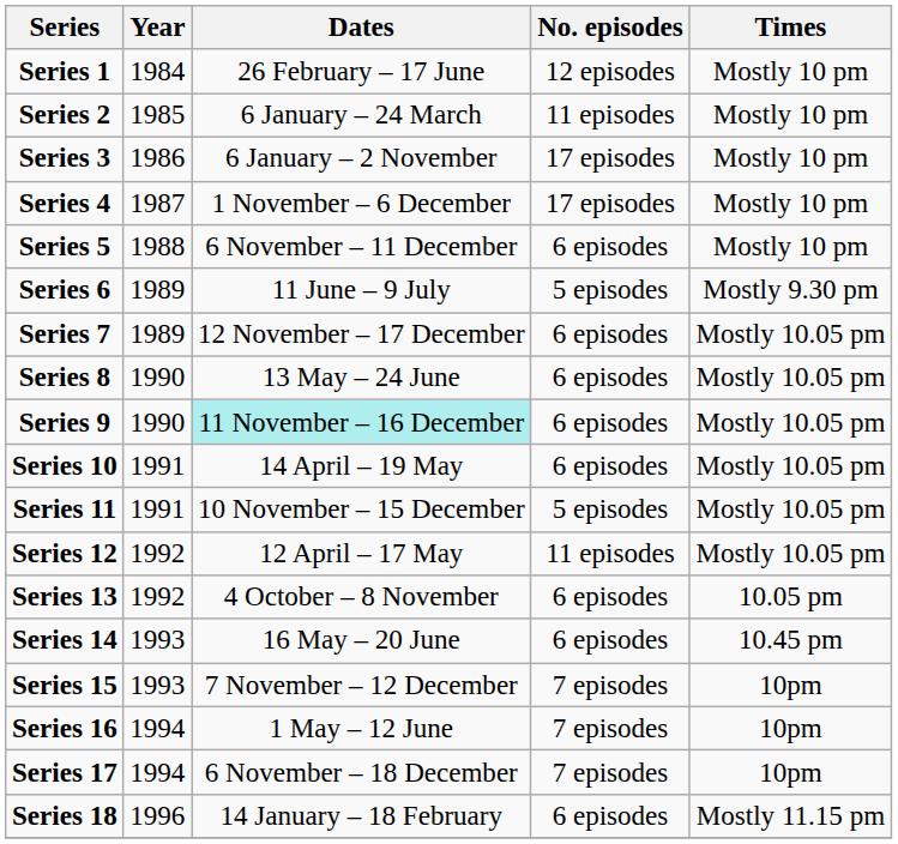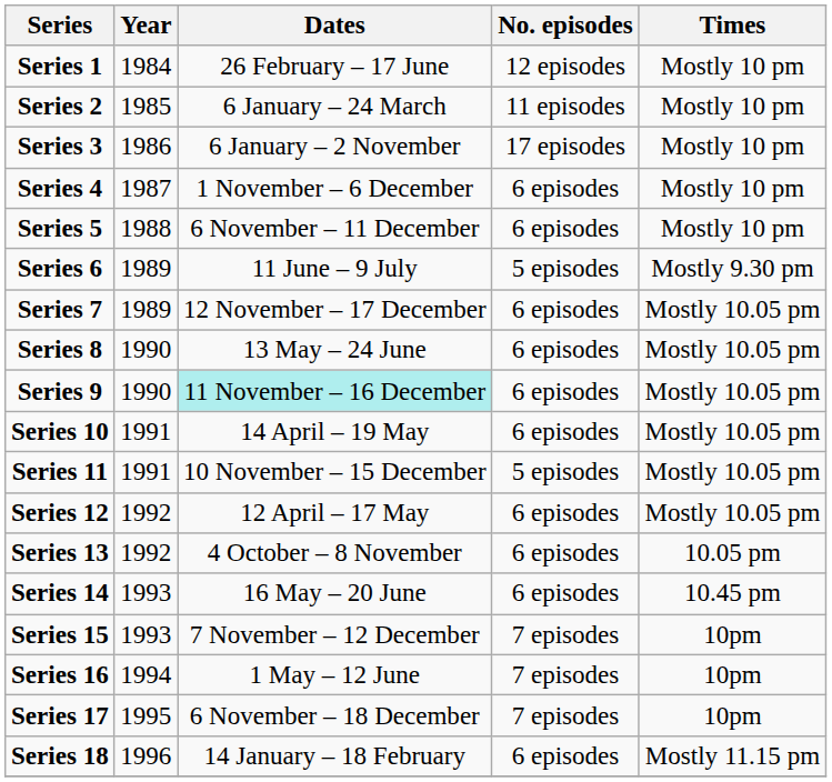 <table class="wikitable" style="left: 0 auto; text-align: center;">
 <tr>
 <th>Series</th>
 <th>Year</th>
 <th>Dates</th>
 <th>No. episodes</th>
 <th>Times</th>
 </tr>
 <tr>
 <td><strong>Series 1</strong></td>
 <td>1984</td>
 <td>26 February – 17 June</td>
 <td>12 episodes</td>
 <td>Mostly 10 pm</td>
 </tr>
 <tr>
 <td><strong>Series 2</strong></td>
 <td>1985</td>
 <td>6 January – 24 March</td>
 <td>11 episodes</td>
 <td>Mostly 10 pm</td>
 </tr>
 <tr>
 <td><strong>Series 3</strong></td>
 <td>1986</td>
 <td>6 January – 2 November</td>
 <td>17 episodes</td>
 <td>Mostly 10 pm</td>
 </tr>
 <tr>
 <td><strong>Series 4</strong></td>
 <td>1987</td>
 <td>1 November – 6 December</td>
-<td>17 episodes</td>
+<td>6 episodes</td>
 <td>Mostly 10 pm</td>
 </tr>
 <tr>
 <td><strong>Series 5</strong></td>
 <td>1988</td>
 <td>6 November – 11 December</td>
 <td>6 episodes</td>
 <td>Mostly 10 pm</td>
 </tr>
 <tr>
 <td><strong>Series 6</strong></td>
 <td>1989</td>
 <td>11 June – 9 July</td>
 <td>5 episodes</td>
 <td>Mostly 9.30 pm</td>
 </tr>
 <tr>
 <td><strong>Series 7</strong></td>
 <td>1989</td>
 <td>12 November – 17 December</td>
 <td>6 episodes</td>
 <td>Mostly 10.05 pm</td>
 </tr>
 <tr>
 <td><strong>Series 8</strong></td>
 <td>1990</td>
 <td>13 May – 24 June</td>
 <td>6 episodes</td>
 <td>Mostly 10.05 pm</td>
 </tr>
 <tr>
 <td><strong>Series 9</strong></td>
 <td>1990</td>
 <td style="background: paleturquoise;">11 November – 16 December</td>
 <td>6 episodes</td>
 <td>Mostly 10.05 pm</td>
 </tr>
 <tr>
 <td><strong>Series 10</strong></td>
 <td>1991</td>
 <td>14 April – 19 May</td>
 <td>6 episodes</td>
 <td>Mostly 10.05 pm</td>
 </tr>
 <tr>
 <td><strong>Series 11</strong></td>
 <td>1991</td>
 <td>10 November – 15 December</td>
 <td>5 episodes</td>
 <td>Mostly 10.05 pm</td>
 </tr>
 <tr>
 <td><strong>Series 12</strong></td>
 <td>1992</td>
 <td>12 April – 17 May</td>
-<td>11 episodes</td>
+<td>6 episodes</td>
 <td>Mostly 10.05 pm</td>
 </tr>
 <tr>
 <td><strong>Series 13</strong></td>
 <td>1992</td>
 <td>4 October – 8 November</td>
 <td>6 episodes</td>
 <td>10.05 pm</td>
 </tr>
 <tr>
 <td><strong>Series 14</strong></td>
 <td>1993</td>
 <td>16 May – 20 June</td>
 <td>6 episodes</td>
 <td>10.45 pm</td>
 </tr>
 <tr>
 <td><strong>Series 15</strong></td>
 <td>1993</td>
 <td>7 November – 12 December</td>
 <td>7 episodes</td>
 <td>10pm</td>
 </tr>
 <tr>
 <td><strong>Series 16</strong></td>
 <td>1994</td>
 <td>1 May – 12 June</td>
 <td>7 episodes</td>
 <td>10pm</td>
 </tr>
 <tr>
 <td><strong>Series 17</strong></td>
-<td>1994</td>
+<td>1995</td>
 <td>6 November – 18 December</td>
 <td>7 episodes</td>
 <td>10pm</td>
 </tr>
 <tr>
 <td><strong>Series 18</strong></td>
 <td>1996</td>
 <td>14 January – 18 February</td>
 <td>6 episodes</td>
 <td>Mostly 11.15 pm</td>
 </tr>
 <tr>
 </tr>
 </table>
